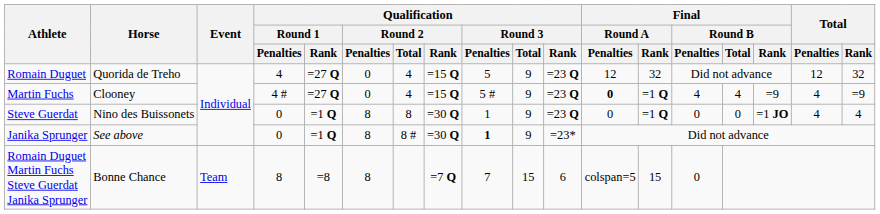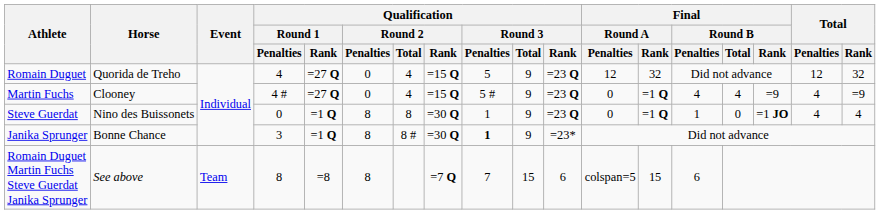 <table class="wikitable" style="font-size:90%">
 <tr>
 <th rowspan="3">Athlete</th>
 <th rowspan="3">Horse</th>
 <th rowspan="3">Event</th>
 <th colspan="8">Qualification</th>
 <th colspan="5">Final</th>
 <th rowspan=2 colspan="2">Total</th>
 </tr>
 <tr style="font-size:95%">
 <th colspan="2">Round 1</th>
 <th colspan="3">Round 2</th>
 <th colspan="3">Round 3</th>
 <th colspan="2">Round A</th>
 <th colspan="3">Round B</th>
 </tr>
 <tr style="font-size:95%">
 <th>Penalties</th>
 <th>Rank</th>
 <th>Penalties</th>
 <th>Total</th>
 <th>Rank</th>
 <th>Penalties</th>
 <th>Total</th>
 <th>Rank</th>
 <th>Penalties</th>
 <th>Rank</th>
 <th>Penalties</th>
 <th>Total</th>
 <th>Rank</th>
 <th>Penalties</th>
 <th>Rank</th>
 </tr>
 <tr align=center>
 <td align=left><a href='#'>Romain Duguet</a></td>
 <td align=left>Quorida de Treho</td>
 <td align=left rowspan=4><a href='#'>Individual</a></td>
 <td>4</td>
 <td>=27 <strong>Q</strong></td>
 <td>0</td>
 <td>4</td>
 <td>=15 <strong>Q</strong></td>
 <td>5</td>
 <td>9</td>
 <td>=23 <strong>Q</strong></td>
 <td>12</td>
 <td>32</td>
 <td colspan=3>Did not advance</td>
 <td>12</td>
 <td>32</td>
 </tr>
 <tr align=center>
 <td align=left><a href='#'>Martin Fuchs</a></td>
 <td align=left>Clooney</td>
 <td>4 #</td>
 <td>=27 <strong>Q</strong></td>
 <td>0</td>
 <td>4</td>
 <td>=15 <strong>Q</strong></td>
 <td>5 #</td>
 <td>9</td>
 <td>=23 <strong>Q</strong></td>
-<td><strong>0</strong></td>
+<td>0</td>
 <td>=1 <strong>Q</strong></td>
 <td>4</td>
 <td>4</td>
 <td>=9</td>
 <td>4</td>
 <td>=9</td>
 </tr>
 <tr align=center>
 <td align=left><a href='#'>Steve Guerdat</a></td>
 <td align=left>Nino des Buissonets</td>
 <td>0</td>
 <td>=1 <strong>Q</strong></td>
 <td>8</td>
 <td>8</td>
 <td>=30 <strong>Q</strong></td>
 <td>1</td>
 <td>9</td>
 <td>=23 <strong>Q</strong></td>
 <td>0</td>
 <td>=1 <strong>Q</strong></td>
-<td>0</td>
+<td>1</td>
 <td>0</td>
 <td>=1 <strong>JO</strong></td>
 <td>4</td>
 <td>4</td>
 </tr>
 <tr align=center>
 <td align=left><a href='#'>Janika Sprunger</a></td>
-<td align=left><em>See above</em></td>
-<td>0</td>
+<td align=left>Bonne Chance</td>
+<td>3</td>
 <td>=1 <strong>Q</strong></td>
 <td>8</td>
 <td>8 #</td>
 <td>=30 <strong>Q</strong></td>
 <td><strong>1</strong></td>
 <td>9</td>
 <td>=23*</td>
 <td colspan=7>Did not advance</td>
 </tr>
 <tr align=center>
 <td align=left><a href='#'>Romain Duguet</a><br><a href='#'>Martin Fuchs</a><br><a href='#'>Steve Guerdat</a><br><a href='#'>Janika Sprunger</a></td>
-<td align=left>Bonne Chance</td>
+<td align=left><em>See above</em></td>
 <td align=left><a href='#'>Team</a></td>
 <td>8</td>
 <td>=8</td>
 <td>8</td>
 <td></td>
 <td>=7 <strong>Q</strong></td>
 <td>7</td>
 <td>15</td>
 <td>6</td>
 <td>colspan=5 </td>
 <td>15</td>
-<td>0</td>
+<td>6</td>
 </tr>
 </table>
